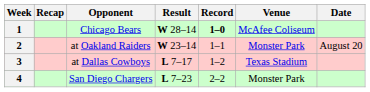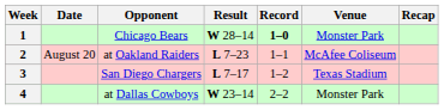 <table class="wikitable" style="text-align:center">
 <tr>
 <th>Week</th>
-<th>Recap</th>
+<th>Date</th>
 <th>Opponent</th>
 <th>Result</th>
 <th>Record</th>
 <th>Venue</th>
-<th>Date</th>
+<th>Recap</th>
 </tr>
 <tr style="background:#cfc">
 <th>1</th>
 <td></td>
 <td><a href='#'>Chicago Bears</a></td>
 <td><strong>W</strong> 28–14</td>
 <td><strong>1–0</strong></td>
+<td><a href='#'>Monster Park</a></td>
+<td></td>
+</tr>
+<tr style="background:#fcc">
+<th>2</th>
+<td>August 20</td>
+<td>at <a href='#'>Oakland Raiders</a></td>
+<td><strong>L</strong> 7–23</td>
+<td>1–1</td>
 <td><a href='#'>McAfee Coliseum</a></td>
 <td></td>
 </tr>
 <tr style="background:#fcc">
-<th>2</th>
-<td></td>
-<td>at <a href='#'>Oakland Raiders</a></td>
-<td><strong>W</strong> 23–14</td>
-<td>1–1</td>
-<td><a href='#'>Monster Park</a></td>
-<td>August 20</td>
-</tr>
-<tr style="background:#fcc">
 <th>3</th>
 <td></td>
-<td>at <a href='#'>Dallas Cowboys</a></td>
+<td><a href='#'>San Diego Chargers</a></td>
 <td><strong>L</strong> 7–17</td>
 <td>1–2</td>
 <td><a href='#'>Texas Stadium</a></td>
 <td></td>
 </tr>
 <tr style="background:#cfc">
 <th>4</th>
 <td></td>
-<td><a href='#'>San Diego Chargers</a></td>
-<td><strong>L</strong> 7–23</td>
+<td>at <a href='#'>Dallas Cowboys</a></td>
+<td><strong>W</strong> 23–14</td>
 <td>2–2</td>
 <td>Monster Park</td>
 <td></td>
 </tr>
 </table>
